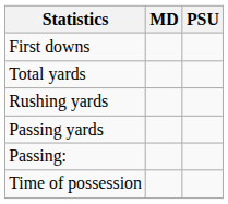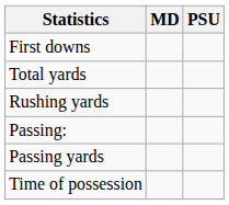 <table class="wikitable" style="float: left;">
 <tr>
 <th>Statistics</th>
 <th>MD</th>
 <th>PSU</th>
 </tr>
 <tr>
 <td>First downs</td>
 <td></td>
 <td></td>
 </tr>
 <tr>
 <td>Total yards</td>
 <td></td>
 <td></td>
 </tr>
 <tr>
 <td>Rushing yards</td>
 <td></td>
 <td></td>
 </tr>
 <tr>
-<td>Passing yards</td>
+<td>Passing:</td>
 <td></td>
 <td></td>
 </tr>
 <tr>
-<td>Passing:</td>
+<td>Passing yards</td>
 <td></td>
 <td></td>
 </tr>
 <tr>
 <td>Time of possession</td>
 <td></td>
 <td></td>
 </tr>
 <tr>
 </tr>
 </table>
